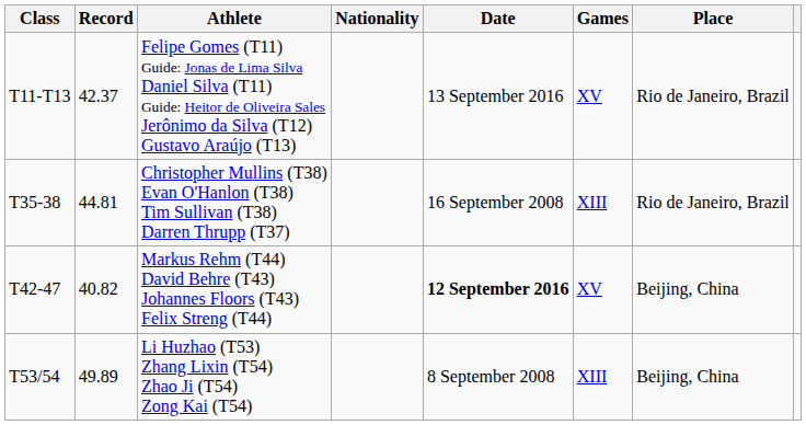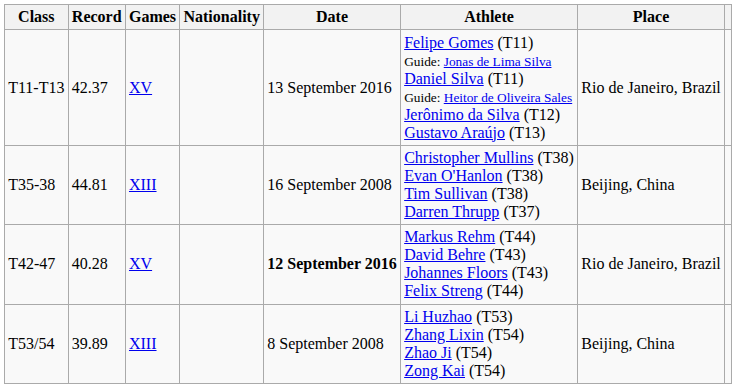 <table class="wikitable">
 <tr>
 <th>Class</th>
 <th>Record</th>
-<th>Athlete</th>
+<th>Games</th>
 <th>Nationality</th>
 <th>Date</th>
-<th>Games</th>
+<th>Athlete</th>
 <th>Place</th>
 <th></th>
 </tr>
 <tr>
 <td>T11-T13</td>
 <td>42.37</td>
-<td><a href='#'>Felipe Gomes</a> (T11)<br><small>Guide: <a href='#'>Jonas de Lima Silva</a></small><br><a href='#'>Daniel Silva</a> (T11)<br><small>Guide: <a href='#'>Heitor de Oliveira Sales</a></small><br><a href='#'>Jerônimo da Silva</a> (T12)<br><a href='#'>Gustavo Araújo</a> (T13)</td>
+<td><a href='#'>XV</a></td>
 <td></td>
 <td>13 September 2016</td>
-<td><a href='#'>XV</a></td>
+<td><a href='#'>Felipe Gomes</a> (T11)<br><small>Guide: <a href='#'>Jonas de Lima Silva</a></small><br><a href='#'>Daniel Silva</a> (T11)<br><small>Guide: <a href='#'>Heitor de Oliveira Sales</a></small><br><a href='#'>Jerônimo da Silva</a> (T12)<br><a href='#'>Gustavo Araújo</a> (T13)</td>
 <td>  Rio de Janeiro, Brazil</td>
 <td></td>
 </tr>
 <tr>
 <td>T35-38</td>
 <td>44.81</td>
-<td><a href='#'>Christopher Mullins</a> (T38)<br><a href='#'>Evan O'Hanlon</a> (T38)<br><a href='#'>Tim Sullivan</a> (T38)<br><a href='#'>Darren Thrupp</a> (T37)</td>
+<td><a href='#'>XIII</a></td>
 <td></td>
 <td>16 September 2008</td>
-<td><a href='#'>XIII</a></td>
+<td><a href='#'>Christopher Mullins</a> (T38)<br><a href='#'>Evan O'Hanlon</a> (T38)<br><a href='#'>Tim Sullivan</a> (T38)<br><a href='#'>Darren Thrupp</a> (T37)</td>
+<td> Beijing, China</td>
+<td></td>
+</tr>
+<tr>
+<td>T42-47</td>
+<td>40.28</td>
+<td><a href='#'>XV</a></td>
+<td></td>
+<td><strong>12 September 2016</strong></td>
+<td><a href='#'>Markus Rehm</a> (T44)<br><a href='#'>David Behre</a> (T43)<br><a href='#'>Johannes Floors</a> (T43)<br><a href='#'>Felix Streng</a> (T44)</td>
 <td>  Rio de Janeiro, Brazil</td>
 <td></td>
 </tr>
 <tr>
-<td>T42-47</td>
-<td>40.82</td>
-<td><a href='#'>Markus Rehm</a> (T44)<br><a href='#'>David Behre</a> (T43)<br><a href='#'>Johannes Floors</a> (T43)<br><a href='#'>Felix Streng</a> (T44)</td>
-<td></td>
-<td><strong>12 September 2016</strong></td>
-<td><a href='#'>XV</a></td>
-<td> Beijing, China</td>
-<td></td>
-</tr>
-<tr>
 <td>T53/54</td>
-<td>49.89</td>
-<td><a href='#'>Li Huzhao</a> (T53)<br><a href='#'>Zhang Lixin</a> (T54)<br><a href='#'>Zhao Ji</a> (T54)<br><a href='#'>Zong Kai</a> (T54)</td>
+<td>39.89</td>
+<td><a href='#'>XIII</a></td>
 <td></td>
 <td>8 September 2008</td>
-<td><a href='#'>XIII</a></td>
+<td><a href='#'>Li Huzhao</a> (T53)<br><a href='#'>Zhang Lixin</a> (T54)<br><a href='#'>Zhao Ji</a> (T54)<br><a href='#'>Zong Kai</a> (T54)</td>
 <td> Beijing, China</td>
 <td></td>
 </tr>
 </table>
